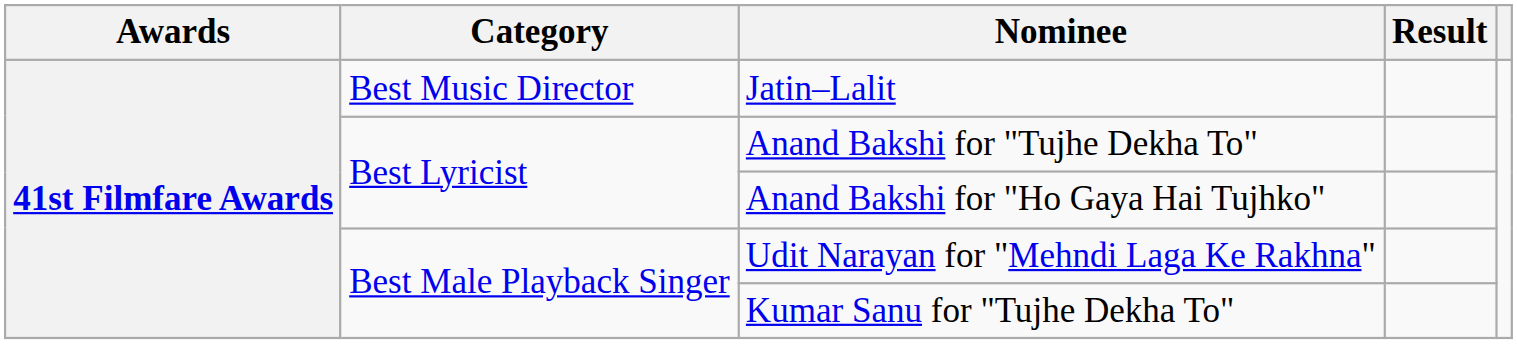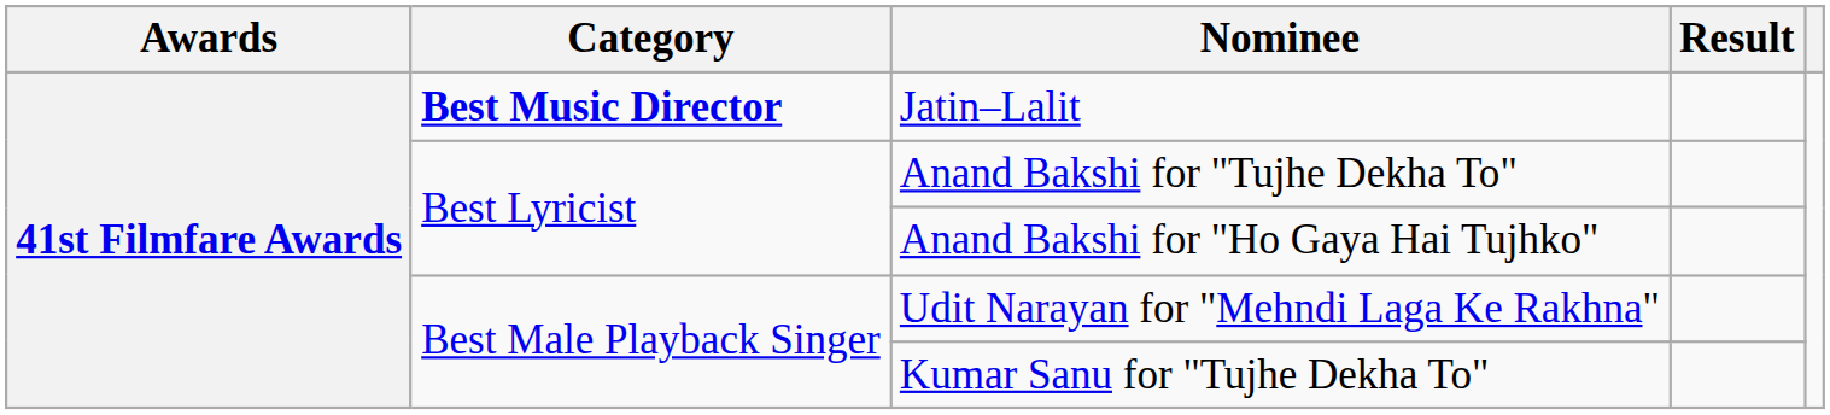 <table class="wikitable plainrowheaders sortable">
 <tr>
 <th scope="col">Awards</th>
 <th scope="col">Category</th>
 <th scope="col">Nominee</th>
 <th scope="col">Result</th>
 <th scope="col" class="unsortable"></th>
 </tr>
 <tr>
 <th rowspan="5" scope="row"><a href='#'>41st Filmfare Awards</a></th>
-<td><a href='#'>Best Music Director</a></td>
+<td><strong><a href='#'>Best Music Director</a></strong></td>
 <td><a href='#'>Jatin–Lalit</a></td>
 <td></td>
 <td rowspan="5" align="center"><br></td>
 </tr>
 <tr>
 <td rowspan="2"><a href='#'>Best Lyricist</a></td>
 <td><a href='#'>Anand Bakshi</a> for "Tujhe Dekha To"</td>
 <td></td>
 </tr>
 <tr>
 <td><a href='#'>Anand Bakshi</a> for "Ho Gaya Hai Tujhko"</td>
 <td></td>
 </tr>
 <tr>
 <td rowspan="2"><a href='#'>Best Male Playback Singer</a></td>
 <td><a href='#'>Udit Narayan</a> for "<a href='#'>Mehndi Laga Ke Rakhna</a>"</td>
 <td></td>
 </tr>
 <tr>
 <td><a href='#'>Kumar Sanu</a> for "Tujhe Dekha To"</td>
 <td></td>
 </tr>
 </table>
